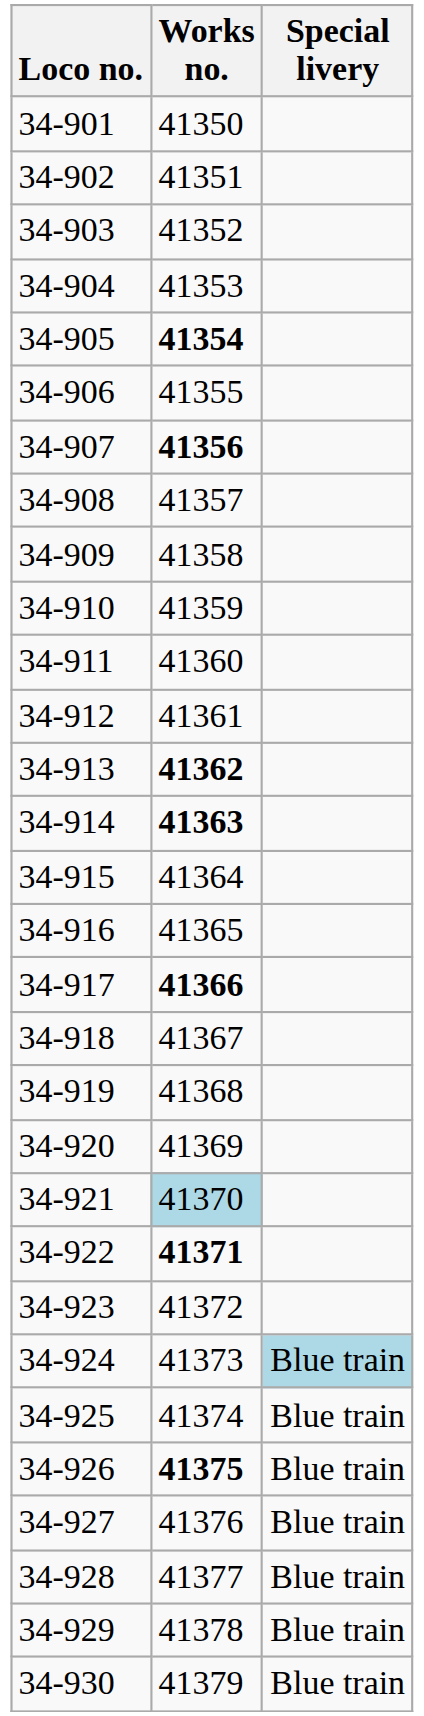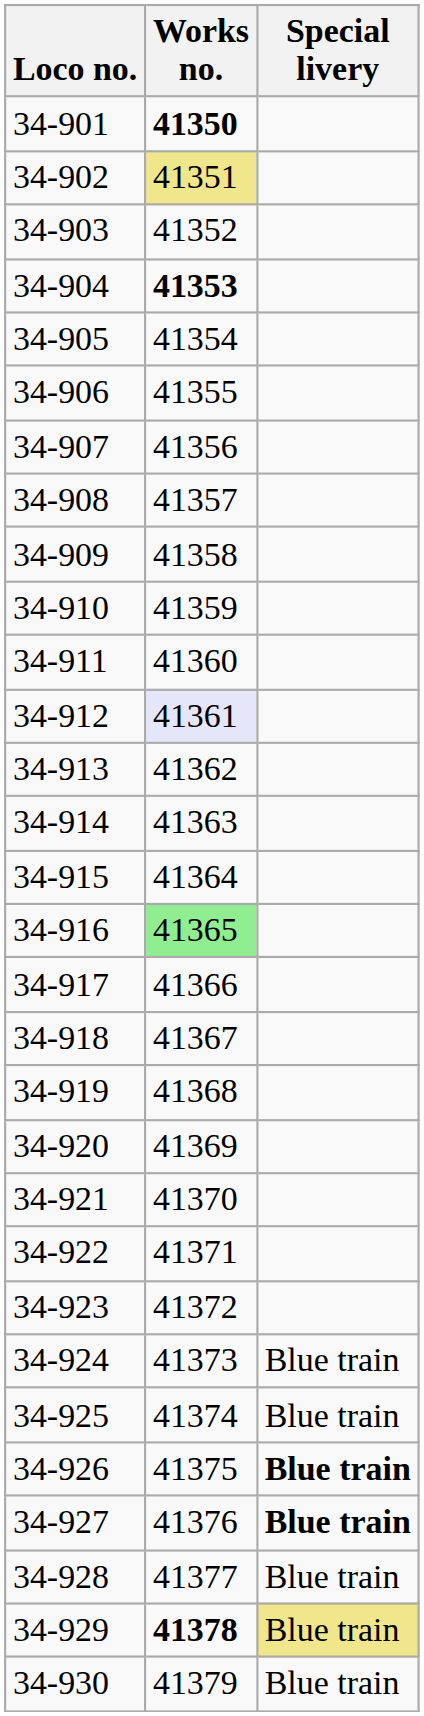 <table class="wikitable collapsible collapsed sortable" style="margin:0.5em auto; font-size:100%;">
 <tr>
 <th><br>Loco no.</th>
 <th>Works<br>no.</th>
 <th>Special<br>livery</th>
 </tr>
 <tr>
 <td>34-901</td>
-<td>41350</td>
+<td><strong>41350</strong></td>
 <td></td>
 </tr>
 <tr>
 <td>34-902</td>
-<td>41351</td>
+<td style="background: khaki;">41351</td>
 <td></td>
 </tr>
 <tr>
 <td>34-903</td>
 <td>41352</td>
 <td></td>
 </tr>
 <tr>
 <td>34-904</td>
-<td>41353</td>
+<td><strong>41353</strong></td>
 <td></td>
 </tr>
 <tr>
 <td>34-905</td>
-<td><strong>41354</strong></td>
+<td>41354</td>
 <td></td>
 </tr>
 <tr>
 <td>34-906</td>
 <td>41355</td>
 <td></td>
 </tr>
 <tr>
 <td>34-907</td>
-<td><strong>41356</strong></td>
+<td>41356</td>
 <td></td>
 </tr>
 <tr>
 <td>34-908</td>
 <td>41357</td>
 <td></td>
 </tr>
 <tr>
 <td>34-909</td>
 <td>41358</td>
 <td></td>
 </tr>
 <tr>
 <td>34-910</td>
 <td>41359</td>
 <td></td>
 </tr>
 <tr>
 <td>34-911</td>
 <td>41360</td>
 <td></td>
 </tr>
 <tr>
 <td>34-912</td>
-<td>41361</td>
+<td style="background: lavender;">41361</td>
 <td></td>
 </tr>
 <tr>
 <td>34-913</td>
-<td><strong>41362</strong></td>
+<td>41362</td>
 <td></td>
 </tr>
 <tr>
 <td>34-914</td>
-<td><strong>41363</strong></td>
+<td>41363</td>
 <td></td>
 </tr>
 <tr>
 <td>34-915</td>
 <td>41364</td>
 <td></td>
 </tr>
 <tr>
 <td>34-916</td>
-<td>41365</td>
+<td style="background: lightgreen;">41365</td>
 <td></td>
 </tr>
 <tr>
 <td>34-917</td>
-<td><strong>41366</strong></td>
+<td>41366</td>
 <td></td>
 </tr>
 <tr>
 <td>34-918</td>
 <td>41367</td>
 <td></td>
 </tr>
 <tr>
 <td>34-919</td>
 <td>41368</td>
 <td></td>
 </tr>
 <tr>
 <td>34-920</td>
 <td>41369</td>
 <td></td>
 </tr>
 <tr>
 <td>34-921</td>
-<td style="background: lightblue;">41370</td>
+<td>41370</td>
 <td></td>
 </tr>
 <tr>
 <td>34-922</td>
-<td><strong>41371</strong></td>
+<td>41371</td>
 <td></td>
 </tr>
 <tr>
 <td>34-923</td>
 <td>41372</td>
 <td></td>
 </tr>
 <tr>
 <td>34-924</td>
 <td>41373</td>
-<td style="background: lightblue;">Blue train</td>
+<td>Blue train</td>
 </tr>
 <tr>
 <td>34-925</td>
 <td>41374</td>
 <td>Blue train</td>
 </tr>
 <tr>
 <td>34-926</td>
-<td><strong>41375</strong></td>
-<td>Blue train</td>
+<td>41375</td>
+<td><strong>Blue train</strong></td>
 </tr>
 <tr>
 <td>34-927</td>
 <td>41376</td>
-<td>Blue train</td>
+<td><strong>Blue train</strong></td>
 </tr>
 <tr>
 <td>34-928</td>
 <td>41377</td>
 <td>Blue train</td>
 </tr>
 <tr>
 <td>34-929</td>
-<td>41378</td>
-<td>Blue train</td>
+<td><strong>41378</strong></td>
+<td style="background: khaki;">Blue train</td>
 </tr>
 <tr>
 <td>34-930</td>
 <td>41379</td>
 <td>Blue train</td>
 </tr>
 <tr>
 </tr>
 </table>
